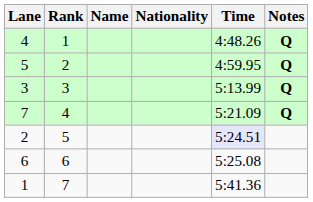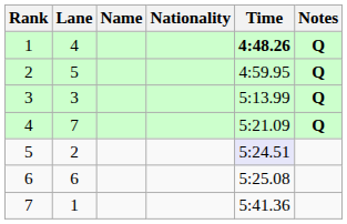 <table class="wikitable sortable" style="text-align:center">
 <tr>
+<th>Rank</th>
 <th>Lane</th>
-<th>Rank</th>
 <th>Name</th>
 <th>Nationality</th>
 <th>Time</th>
 <th>Notes</th>
 </tr>
 <tr bgcolor=ccffcc>
+<td>1</td>
 <td>4</td>
-<td>1</td>
 <td align=left></td>
 <td align=left></td>
-<td>4:48.26</td>
+<td><strong>4:48.26</strong></td>
 <td><strong>Q</strong></td>
 </tr>
 <tr bgcolor=ccffcc>
+<td>2</td>
 <td>5</td>
-<td>2</td>
 <td align=left></td>
 <td align=left></td>
 <td>4:59.95</td>
 <td><strong>Q</strong></td>
 </tr>
 <tr bgcolor=ccffcc>
 <td>3</td>
 <td>3</td>
 <td align=left></td>
 <td align=left></td>
 <td>5:13.99</td>
 <td><strong>Q</strong></td>
 </tr>
 <tr bgcolor=ccffcc>
+<td>4</td>
 <td>7</td>
-<td>4</td>
 <td align=left></td>
 <td align=left></td>
 <td>5:21.09</td>
 <td><strong>Q</strong></td>
 </tr>
 <tr>
+<td>5</td>
 <td>2</td>
-<td>5</td>
 <td align=left></td>
 <td align=left></td>
 <td style="background: lavender;">5:24.51</td>
 <td></td>
 </tr>
 <tr>
 <td>6</td>
 <td>6</td>
 <td align=left></td>
 <td align=left></td>
 <td>5:25.08</td>
 <td></td>
 </tr>
 <tr>
+<td>7</td>
 <td>1</td>
-<td>7</td>
 <td align=left></td>
 <td align=left></td>
 <td>5:41.36</td>
 <td></td>
 </tr>
 </table>
